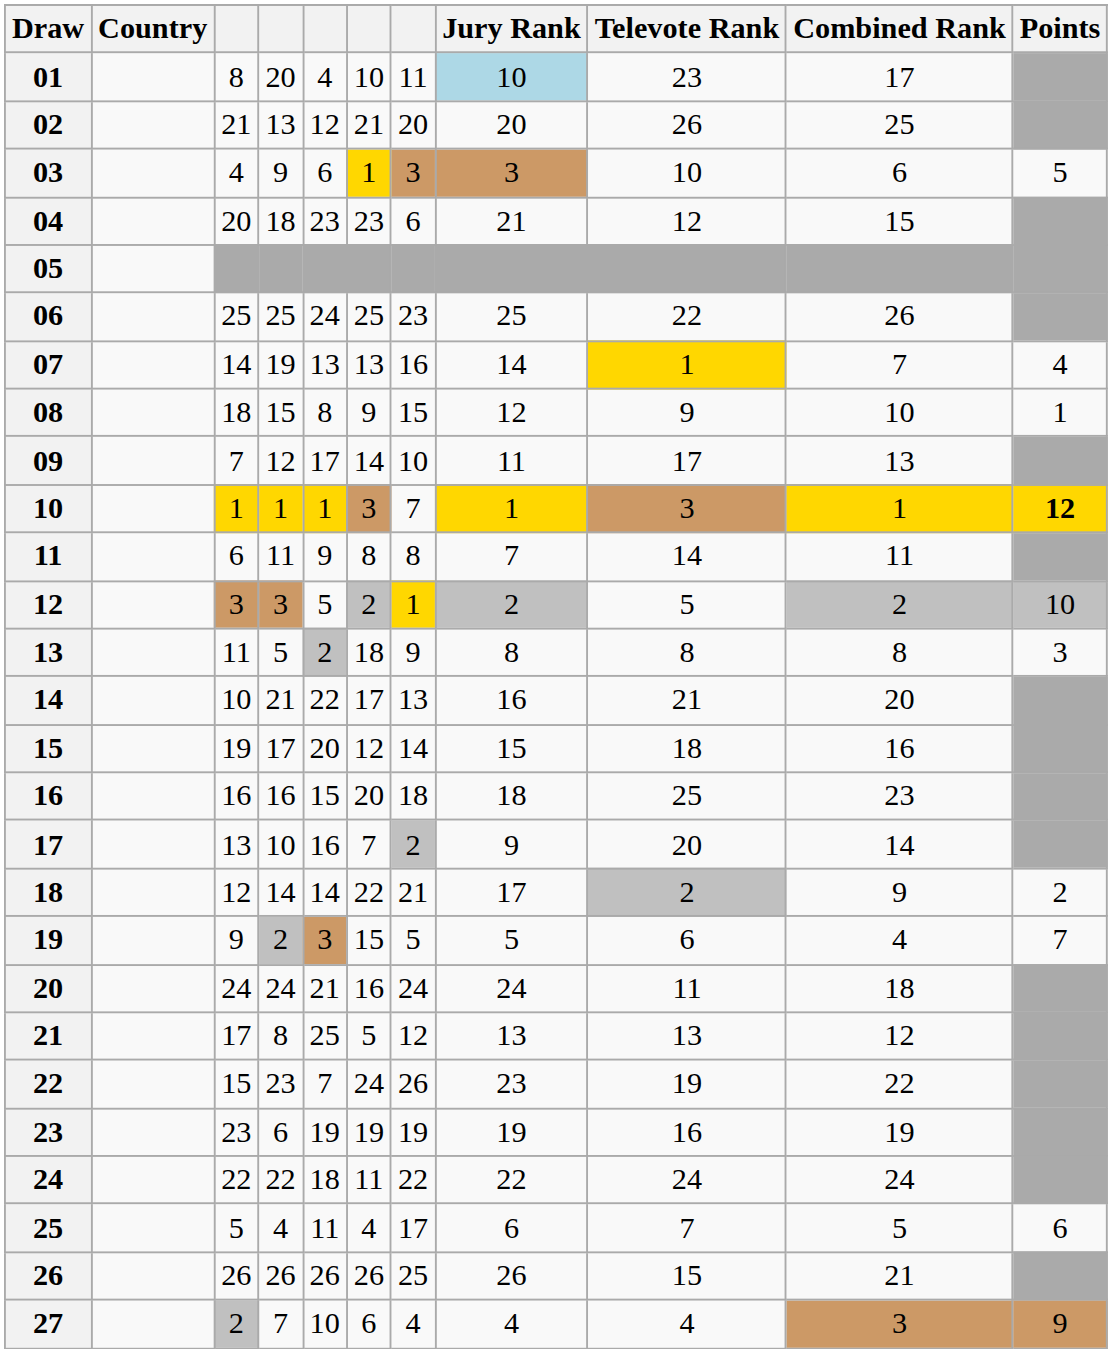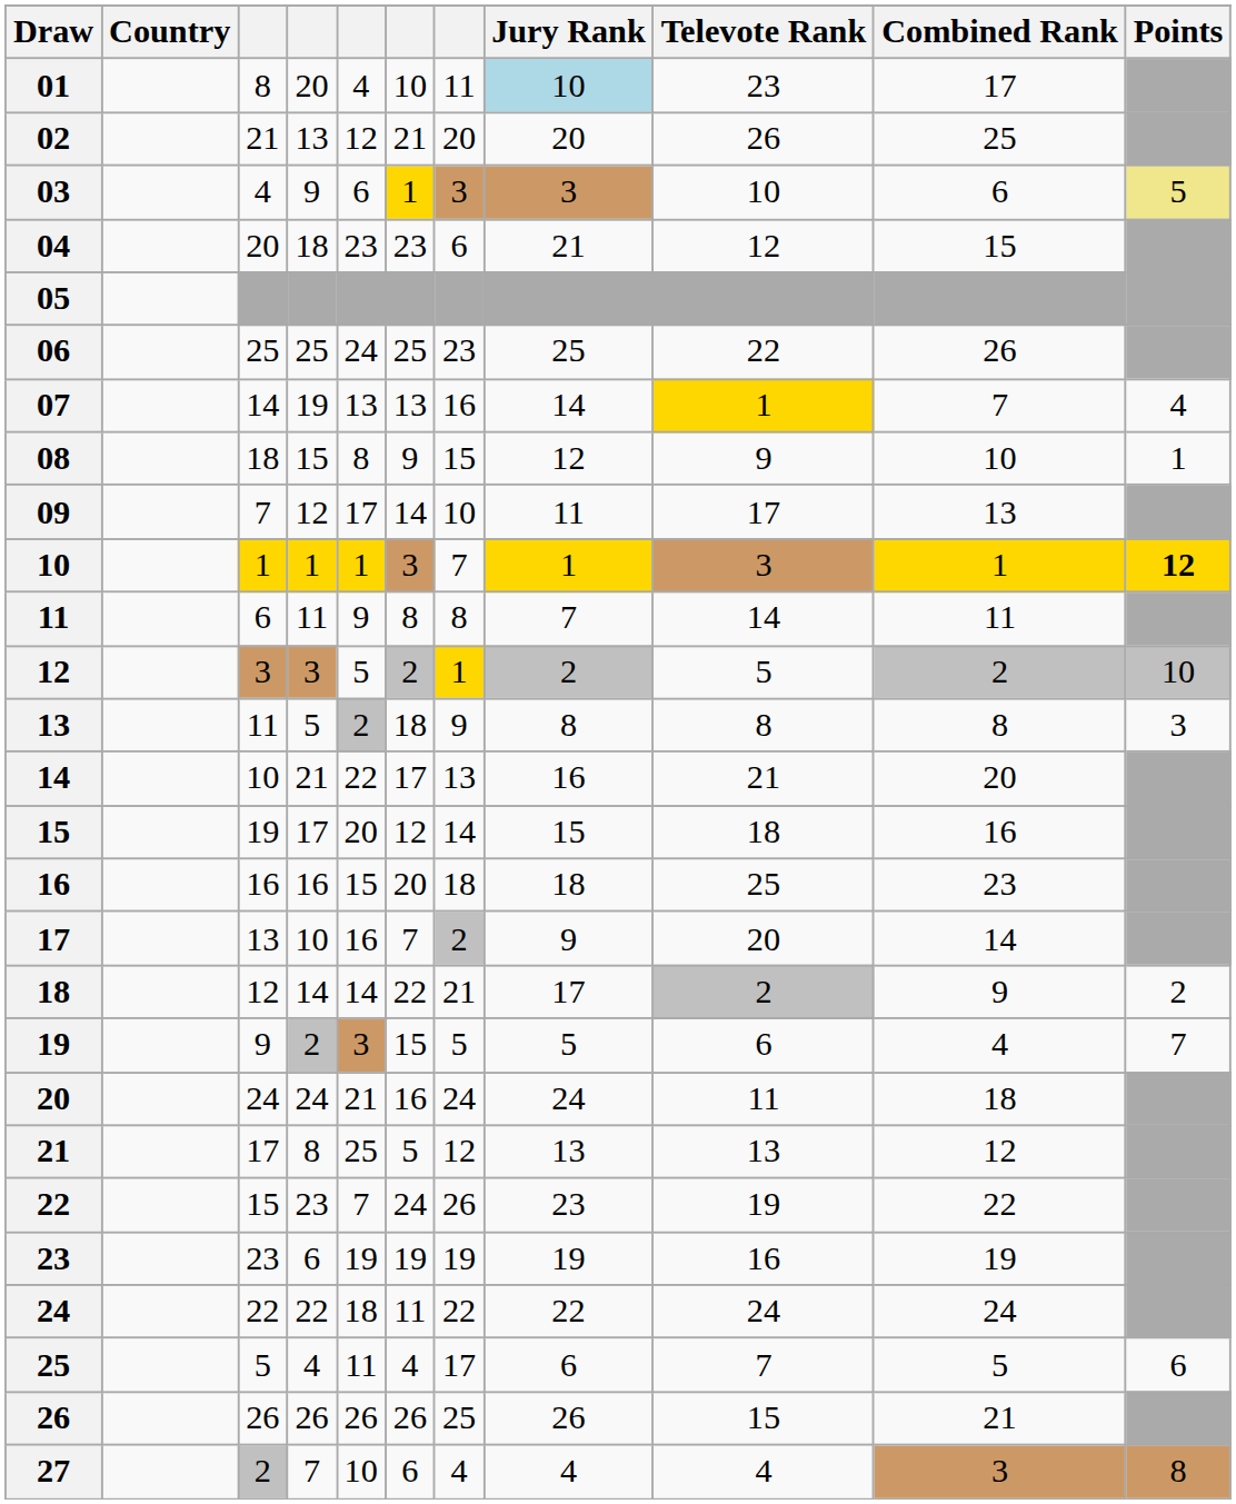 <table class="sortable wikitable collapsible plainrowheaders" style="text-align:center;">
 <tr>
 </tr>
 <tr>
 <th scope="col">Draw</th>
 <th scope="col">Country</th>
 <th scope="col"><small></small></th>
 <th scope="col"><small></small></th>
 <th scope="col"><small></small></th>
 <th scope="col"><small></small></th>
 <th scope="col"><small></small></th>
 <th scope="col">Jury Rank</th>
 <th scope="col">Televote Rank</th>
 <th scope="col">Combined Rank</th>
 <th scope="col">Points</th>
 </tr>
 <tr>
 <th scope="row" style="text-align:center;">01</th>
 <td style="text-align:left;"></td>
 <td>8</td>
 <td>20</td>
 <td>4</td>
 <td>10</td>
 <td>11</td>
 <td style="background: lightblue;">10</td>
 <td>23</td>
 <td>17</td>
 <td style="background:#AAAAAA;"></td>
 </tr>
 <tr>
 <th scope="row" style="text-align:center;">02</th>
 <td style="text-align:left;"></td>
 <td>21</td>
 <td>13</td>
 <td>12</td>
 <td>21</td>
 <td>20</td>
 <td>20</td>
 <td>26</td>
 <td>25</td>
 <td style="background:#AAAAAA;"></td>
 </tr>
 <tr>
 <th scope="row" style="text-align:center;">03</th>
 <td style="text-align:left;"></td>
 <td>4</td>
 <td>9</td>
 <td>6</td>
 <td style="background:gold;">1</td>
 <td style="background:#CC9966;">3</td>
 <td style="background:#CC9966;">3</td>
 <td>10</td>
 <td>6</td>
-<td>5</td>
+<td style="background: khaki;">5</td>
 </tr>
 <tr>
 <th scope="row" style="text-align:center;">04</th>
 <td style="text-align:left;"></td>
 <td>20</td>
 <td>18</td>
 <td>23</td>
 <td>23</td>
 <td>6</td>
 <td>21</td>
 <td>12</td>
 <td>15</td>
 <td style="background:#AAAAAA;"></td>
 </tr>
 <tr class="sortbottom">
 <th scope="row" style="text-align:center;">05</th>
 <td style="text-align:left;"></td>
 <td style="background:#AAAAAA;"></td>
 <td style="background:#AAAAAA;"></td>
 <td style="background:#AAAAAA;"></td>
 <td style="background:#AAAAAA;"></td>
 <td style="background:#AAAAAA;"></td>
 <td style="background:#AAAAAA;"></td>
 <td style="background:#AAAAAA;"></td>
 <td style="background:#AAAAAA;"></td>
 <td style="background:#AAAAAA;"></td>
 </tr>
 <tr>
 <th scope="row" style="text-align:center;">06</th>
 <td style="text-align:left;"></td>
 <td>25</td>
 <td>25</td>
 <td>24</td>
 <td>25</td>
 <td>23</td>
 <td>25</td>
 <td>22</td>
 <td>26</td>
 <td style="background:#AAAAAA;"></td>
 </tr>
 <tr>
 <th scope="row" style="text-align:center;">07</th>
 <td style="text-align:left;"></td>
 <td>14</td>
 <td>19</td>
 <td>13</td>
 <td>13</td>
 <td>16</td>
 <td>14</td>
 <td style="background:gold;">1</td>
 <td>7</td>
 <td>4</td>
 </tr>
 <tr>
 <th scope="row" style="text-align:center;">08</th>
 <td style="text-align:left;"></td>
 <td>18</td>
 <td>15</td>
 <td>8</td>
 <td>9</td>
 <td>15</td>
 <td>12</td>
 <td>9</td>
 <td>10</td>
 <td>1</td>
 </tr>
 <tr>
 <th scope="row" style="text-align:center;">09</th>
 <td style="text-align:left;"></td>
 <td>7</td>
 <td>12</td>
 <td>17</td>
 <td>14</td>
 <td>10</td>
 <td>11</td>
 <td>17</td>
 <td>13</td>
 <td style="background:#AAAAAA;"></td>
 </tr>
 <tr>
 <th scope="row" style="text-align:center;">10</th>
 <td style="text-align:left;"></td>
 <td style="background:gold;">1</td>
 <td style="background:gold;">1</td>
 <td style="background:gold;">1</td>
 <td style="background:#CC9966;">3</td>
 <td>7</td>
 <td style="background:gold;">1</td>
 <td style="background:#CC9966;">3</td>
 <td style="background:gold;">1</td>
 <td style="background:gold;"><strong>12</strong></td>
 </tr>
 <tr>
 <th scope="row" style="text-align:center;">11</th>
 <td style="text-align:left;"></td>
 <td>6</td>
 <td>11</td>
 <td>9</td>
 <td>8</td>
 <td>8</td>
 <td>7</td>
 <td>14</td>
 <td>11</td>
 <td style="background:#AAAAAA;"></td>
 </tr>
 <tr>
 <th scope="row" style="text-align:center;">12</th>
 <td style="text-align:left;"></td>
 <td style="background:#CC9966;">3</td>
 <td style="background:#CC9966;">3</td>
 <td>5</td>
 <td style="background:silver;">2</td>
 <td style="background:gold;">1</td>
 <td style="background:silver;">2</td>
 <td>5</td>
 <td style="background:silver;">2</td>
 <td style="background:silver;">10</td>
 </tr>
 <tr>
 <th scope="row" style="text-align:center;">13</th>
 <td style="text-align:left;"></td>
 <td>11</td>
 <td>5</td>
 <td style="background:silver;">2</td>
 <td>18</td>
 <td>9</td>
 <td>8</td>
 <td>8</td>
 <td>8</td>
 <td>3</td>
 </tr>
 <tr>
 <th scope="row" style="text-align:center;">14</th>
 <td style="text-align:left;"></td>
 <td>10</td>
 <td>21</td>
 <td>22</td>
 <td>17</td>
 <td>13</td>
 <td>16</td>
 <td>21</td>
 <td>20</td>
 <td style="background:#AAAAAA;"></td>
 </tr>
 <tr>
 <th scope="row" style="text-align:center;">15</th>
 <td style="text-align:left;"></td>
 <td>19</td>
 <td>17</td>
 <td>20</td>
 <td>12</td>
 <td>14</td>
 <td>15</td>
 <td>18</td>
 <td>16</td>
 <td style="background:#AAAAAA;"></td>
 </tr>
 <tr>
 <th scope="row" style="text-align:center;">16</th>
 <td style="text-align:left;"></td>
 <td>16</td>
 <td>16</td>
 <td>15</td>
 <td>20</td>
 <td>18</td>
 <td>18</td>
 <td>25</td>
 <td>23</td>
 <td style="background:#AAAAAA;"></td>
 </tr>
 <tr>
 <th scope="row" style="text-align:center;">17</th>
 <td style="text-align:left;"></td>
 <td>13</td>
 <td>10</td>
 <td>16</td>
 <td>7</td>
 <td style="background:silver;">2</td>
 <td>9</td>
 <td>20</td>
 <td>14</td>
 <td style="background:#AAAAAA;"></td>
 </tr>
 <tr>
 <th scope="row" style="text-align:center;">18</th>
 <td style="text-align:left;"></td>
 <td>12</td>
 <td>14</td>
 <td>14</td>
 <td>22</td>
 <td>21</td>
 <td>17</td>
 <td style="background:silver;">2</td>
 <td>9</td>
 <td>2</td>
 </tr>
 <tr>
 <th scope="row" style="text-align:center;">19</th>
 <td style="text-align:left;"></td>
 <td>9</td>
 <td style="background:silver;">2</td>
 <td style="background:#CC9966;">3</td>
 <td>15</td>
 <td>5</td>
 <td>5</td>
 <td>6</td>
 <td>4</td>
 <td>7</td>
 </tr>
 <tr>
 <th scope="row" style="text-align:center;">20</th>
 <td style="text-align:left;"></td>
 <td>24</td>
 <td>24</td>
 <td>21</td>
 <td>16</td>
 <td>24</td>
 <td>24</td>
 <td>11</td>
 <td>18</td>
 <td style="background:#AAAAAA;"></td>
 </tr>
 <tr>
 <th scope="row" style="text-align:center;">21</th>
 <td style="text-align:left;"></td>
 <td>17</td>
 <td>8</td>
 <td>25</td>
 <td>5</td>
 <td>12</td>
 <td>13</td>
 <td>13</td>
 <td>12</td>
 <td style="background:#AAAAAA;"></td>
 </tr>
 <tr>
 <th scope="row" style="text-align:center;">22</th>
 <td style="text-align:left;"></td>
 <td>15</td>
 <td>23</td>
 <td>7</td>
 <td>24</td>
 <td>26</td>
 <td>23</td>
 <td>19</td>
 <td>22</td>
 <td style="background:#AAAAAA;"></td>
 </tr>
 <tr>
 <th scope="row" style="text-align:center;">23</th>
 <td style="text-align:left;"></td>
 <td>23</td>
 <td>6</td>
 <td>19</td>
 <td>19</td>
 <td>19</td>
 <td>19</td>
 <td>16</td>
 <td>19</td>
 <td style="background:#AAAAAA;"></td>
 </tr>
 <tr>
 <th scope="row" style="text-align:center;">24</th>
 <td style="text-align:left;"></td>
 <td>22</td>
 <td>22</td>
 <td>18</td>
 <td>11</td>
 <td>22</td>
 <td>22</td>
 <td>24</td>
 <td>24</td>
 <td style="background:#AAAAAA;"></td>
 </tr>
 <tr>
 <th scope="row" style="text-align:center;">25</th>
 <td style="text-align:left;"></td>
 <td>5</td>
 <td>4</td>
 <td>11</td>
 <td>4</td>
 <td>17</td>
 <td>6</td>
 <td>7</td>
 <td>5</td>
 <td>6</td>
 </tr>
 <tr>
 <th scope="row" style="text-align:center;">26</th>
 <td style="text-align:left;"></td>
 <td>26</td>
 <td>26</td>
 <td>26</td>
 <td>26</td>
 <td>25</td>
 <td>26</td>
 <td>15</td>
 <td>21</td>
 <td style="background:#AAAAAA;"></td>
 </tr>
 <tr>
 <th scope="row" style="text-align:center;">27</th>
 <td style="text-align:left;"></td>
 <td style="background:silver;">2</td>
 <td>7</td>
 <td>10</td>
 <td>6</td>
 <td>4</td>
 <td>4</td>
 <td>4</td>
 <td style="background:#CC9966;">3</td>
-<td style="background:#CC9966;">9</td>
+<td style="background:#CC9966;">8</td>
 </tr>
 </table>
